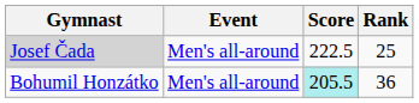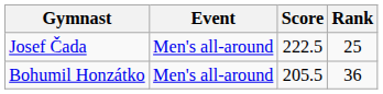 <table class="wikitable sortable">
 <tr>
 <th>Gymnast</th>
 <th>Event</th>
 <th>Score</th>
 <th>Rank</th>
 </tr>
 <tr align=center>
-<td align=left style="background: lightgrey;"><a href='#'>Josef Čada</a></td>
+<td align=left><a href='#'>Josef Čada</a></td>
 <td align=left><a href='#'>Men's all-around</a></td>
 <td>222.5</td>
 <td>25</td>
 </tr>
 <tr align=center>
 <td align=left><a href='#'>Bohumil Honzátko</a></td>
 <td align=left><a href='#'>Men's all-around</a></td>
-<td style="background: paleturquoise;">205.5</td>
+<td>205.5</td>
 <td>36</td>
 </tr>
 </table>
